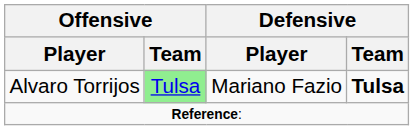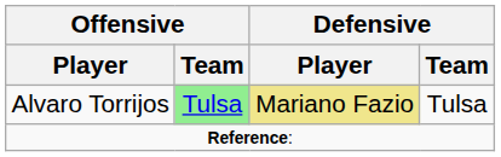 <table class="wikitable" style="text-align: center;">
 <tr>
 <th colspan="2">Offensive</th>
 <th colspan="2">Defensive</th>
 </tr>
 <tr>
 <th>Player</th>
 <th>Team</th>
 <th>Player</th>
 <th>Team</th>
 </tr>
 <tr>
 <td>Alvaro Torrijos</td>
 <td style="background: lightgreen;"><a href='#'>Tulsa</a></td>
-<td>Mariano Fazio</td>
-<td><strong>Tulsa</strong></td>
+<td style="background: khaki;">Mariano Fazio</td>
+<td>Tulsa</td>
 </tr>
 <tr>
 <td colspan="4"  style="font-size:8pt; text-align:center;"><strong>Reference</strong>:</td>
 </tr>
 </table>
